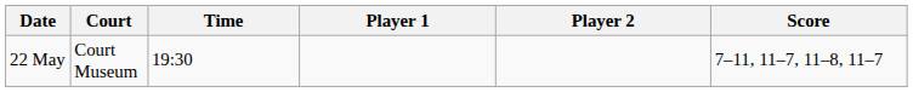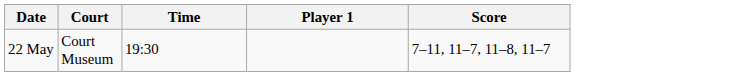 <table class="sortable wikitable" style="font-size:90%">
 <tr>
 <th width="45" class="unsortable">Date</th>
 <th width="55">Court</th>
 <th width="115">Time</th>
 <th width="150">Player 1</th>
-<th width="165">Player 2</th>
 <th width="150" class="unsortable">Score</th>
 </tr>
 <tr>
 <td>22 May</td>
 <td>Court Museum</td>
 <td>19:30</td>
 <td><strong></strong></td>
-<td></td>
 <td>7–11, 11–7, 11–8, 11–7</td>
 </tr>
 </table>
